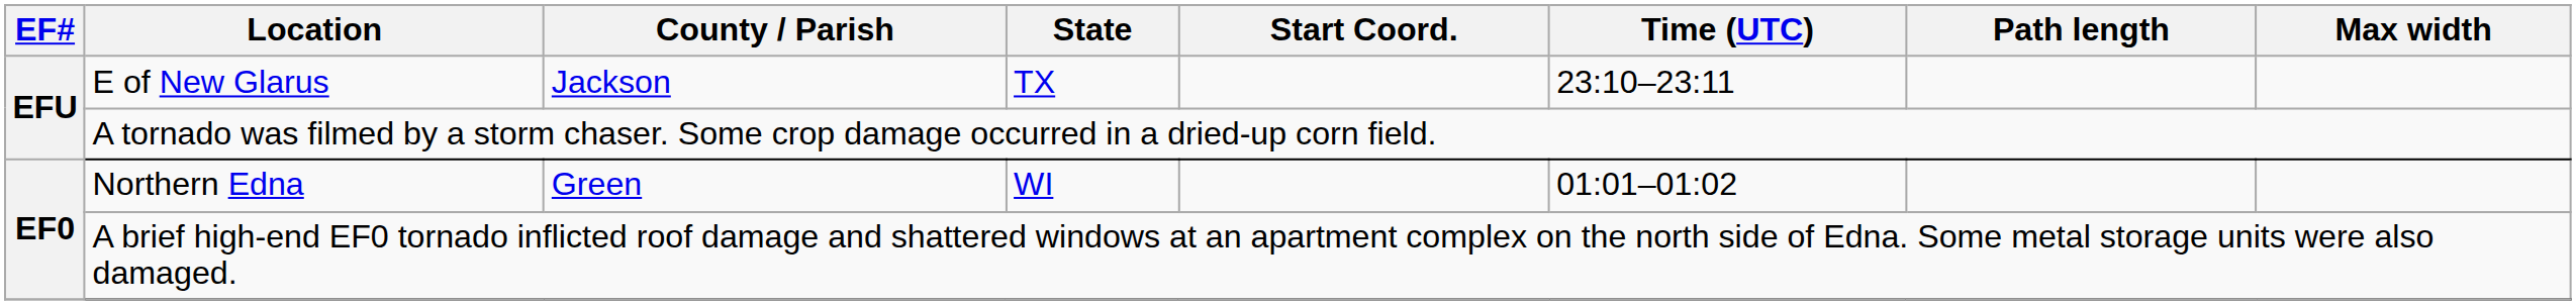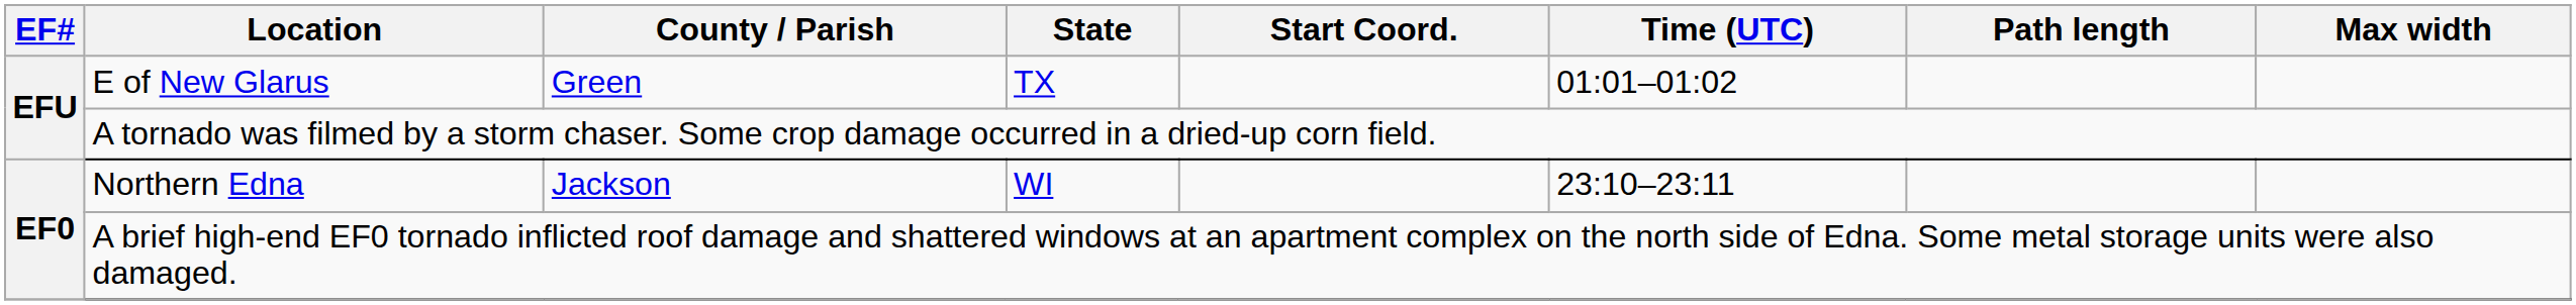 <table class="wikitable sortable" style="width:100%;">
 <tr>
 <th scope="col" width="2%" align="center"><a href='#'>EF#</a></th>
 <th scope="col" align="center" class="unsortable">Location</th>
 <th scope="col" align="center" class="unsortable">County / Parish</th>
 <th scope="col" align="center">State</th>
 <th scope="col" align="center">Start Coord.</th>
 <th scope="col" align="center">Time (<a href='#'>UTC</a>)</th>
 <th scope="col" align="center">Path length</th>
 <th scope="col" align="center">Max width</th>
 </tr>
 <tr>
 <th scope="row" rowspan="2" style="background-color:#">EFU</th>
 <td>E of <a href='#'>New Glarus</a></td>
-<td><a href='#'>Jackson</a></td>
+<td><a href='#'>Green</a></td>
 <td><a href='#'>TX</a></td>
 <td></td>
-<td>23:10–23:11</td>
+<td>01:01–01:02</td>
 <td></td>
 <td></td>
 </tr>
 <tr class="expand-child">
 <td colspan="8" style=" border-bottom: 1px solid black;">A tornado was filmed by a storm chaser. Some crop damage occurred in a dried-up corn field.</td>
 </tr>
 <tr>
 <th scope="row" rowspan="2" style="background-color:#">EF0</th>
 <td>Northern <a href='#'>Edna</a></td>
-<td><a href='#'>Green</a></td>
+<td><a href='#'>Jackson</a></td>
 <td><a href='#'>WI</a></td>
 <td></td>
-<td>01:01–01:02</td>
+<td>23:10–23:11</td>
 <td></td>
 <td></td>
 </tr>
 <tr class="expand-child">
 <td colspan="8" style=" border-bottom: 1px solid black;">A brief high-end EF0 tornado inflicted roof damage and shattered windows at an apartment complex on the north side of Edna. Some metal storage units were also damaged.</td>
 </tr>
 <tr>
 </tr>
 </table>
